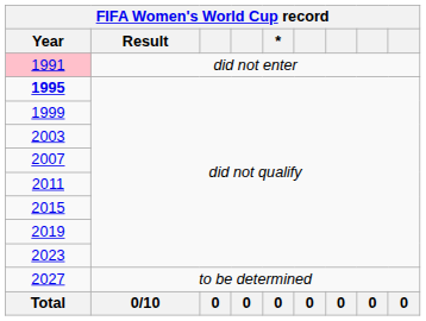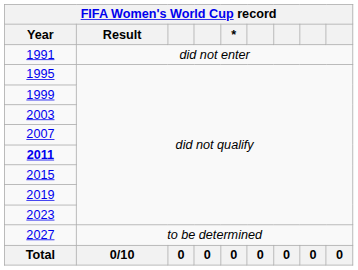 <table class="wikitable" style="text-align: center; width:50%;">
 <tr>
 <th colspan=10><a href='#'>FIFA Women's World Cup</a> record</th>
 </tr>
 <tr>
 <th>Year</th>
 <th>Result</th>
 <th></th>
 <th></th>
 <th>*</th>
 <th></th>
 <th></th>
 <th></th>
 <th></th>
 </tr>
 <tr>
-<td style="background: pink;"> <a href='#'>1991</a></td>
+<td> <a href='#'>1991</a></td>
 <td rowspan=1 colspan=8><em>did not enter</em></td>
 </tr>
 <tr>
-<td><strong> <a href='#'>1995</a></strong></td>
+<td> <a href='#'>1995</a></td>
 <td colspan=8 rowspan=8><em>did not qualify</em></td>
 </tr>
 <tr>
 <td> <a href='#'>1999</a></td>
 </tr>
 <tr>
 <td> <a href='#'>2003</a></td>
 </tr>
 <tr>
 <td> <a href='#'>2007</a></td>
 </tr>
 <tr>
-<td> <a href='#'>2011</a></td>
+<td><strong> <a href='#'>2011</a></strong></td>
 </tr>
 <tr>
 <td> <a href='#'>2015</a></td>
 </tr>
 <tr>
 <td> <a href='#'>2019</a></td>
 </tr>
 <tr>
 <td> <a href='#'>2023</a></td>
 </tr>
 <tr>
 <td> <a href='#'>2027</a></td>
 <td colspan=8><em>to be determined</em></td>
 </tr>
 <tr>
 <th>Total</th>
 <th>0/10</th>
 <th>0</th>
 <th>0</th>
 <th>0</th>
 <th>0</th>
 <th>0</th>
 <th>0</th>
 <th>0</th>
 </tr>
 </table>
